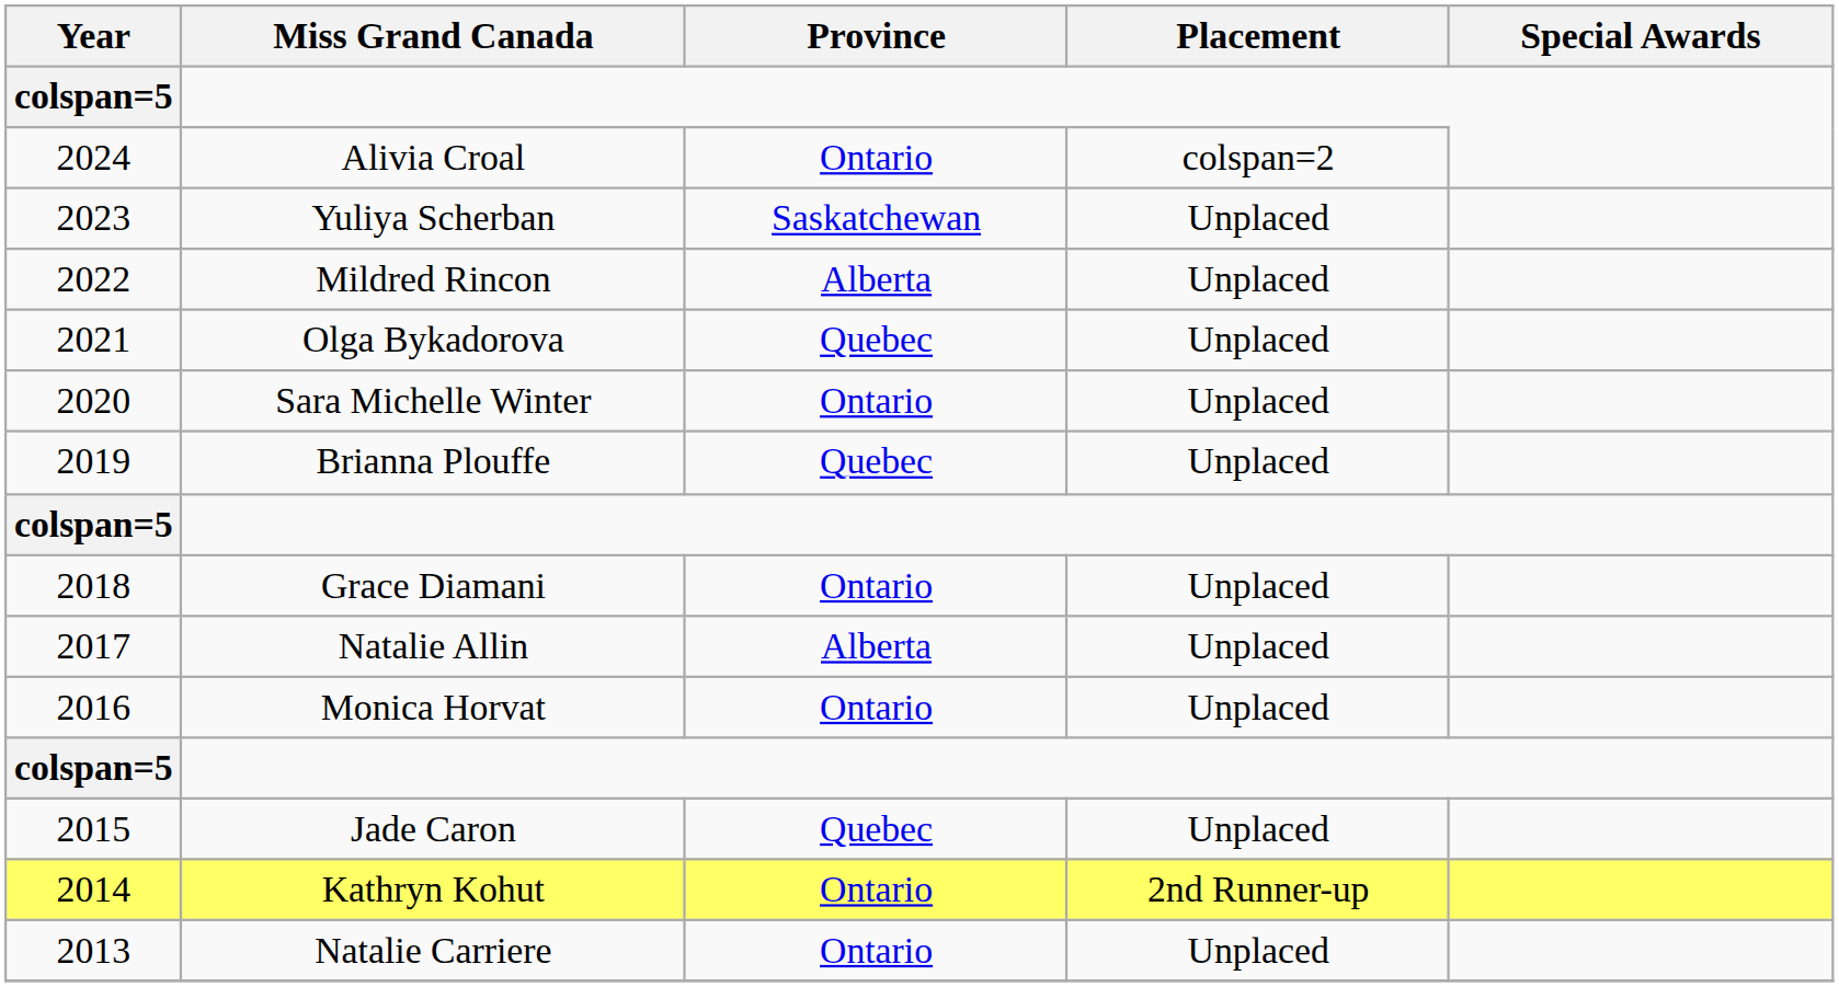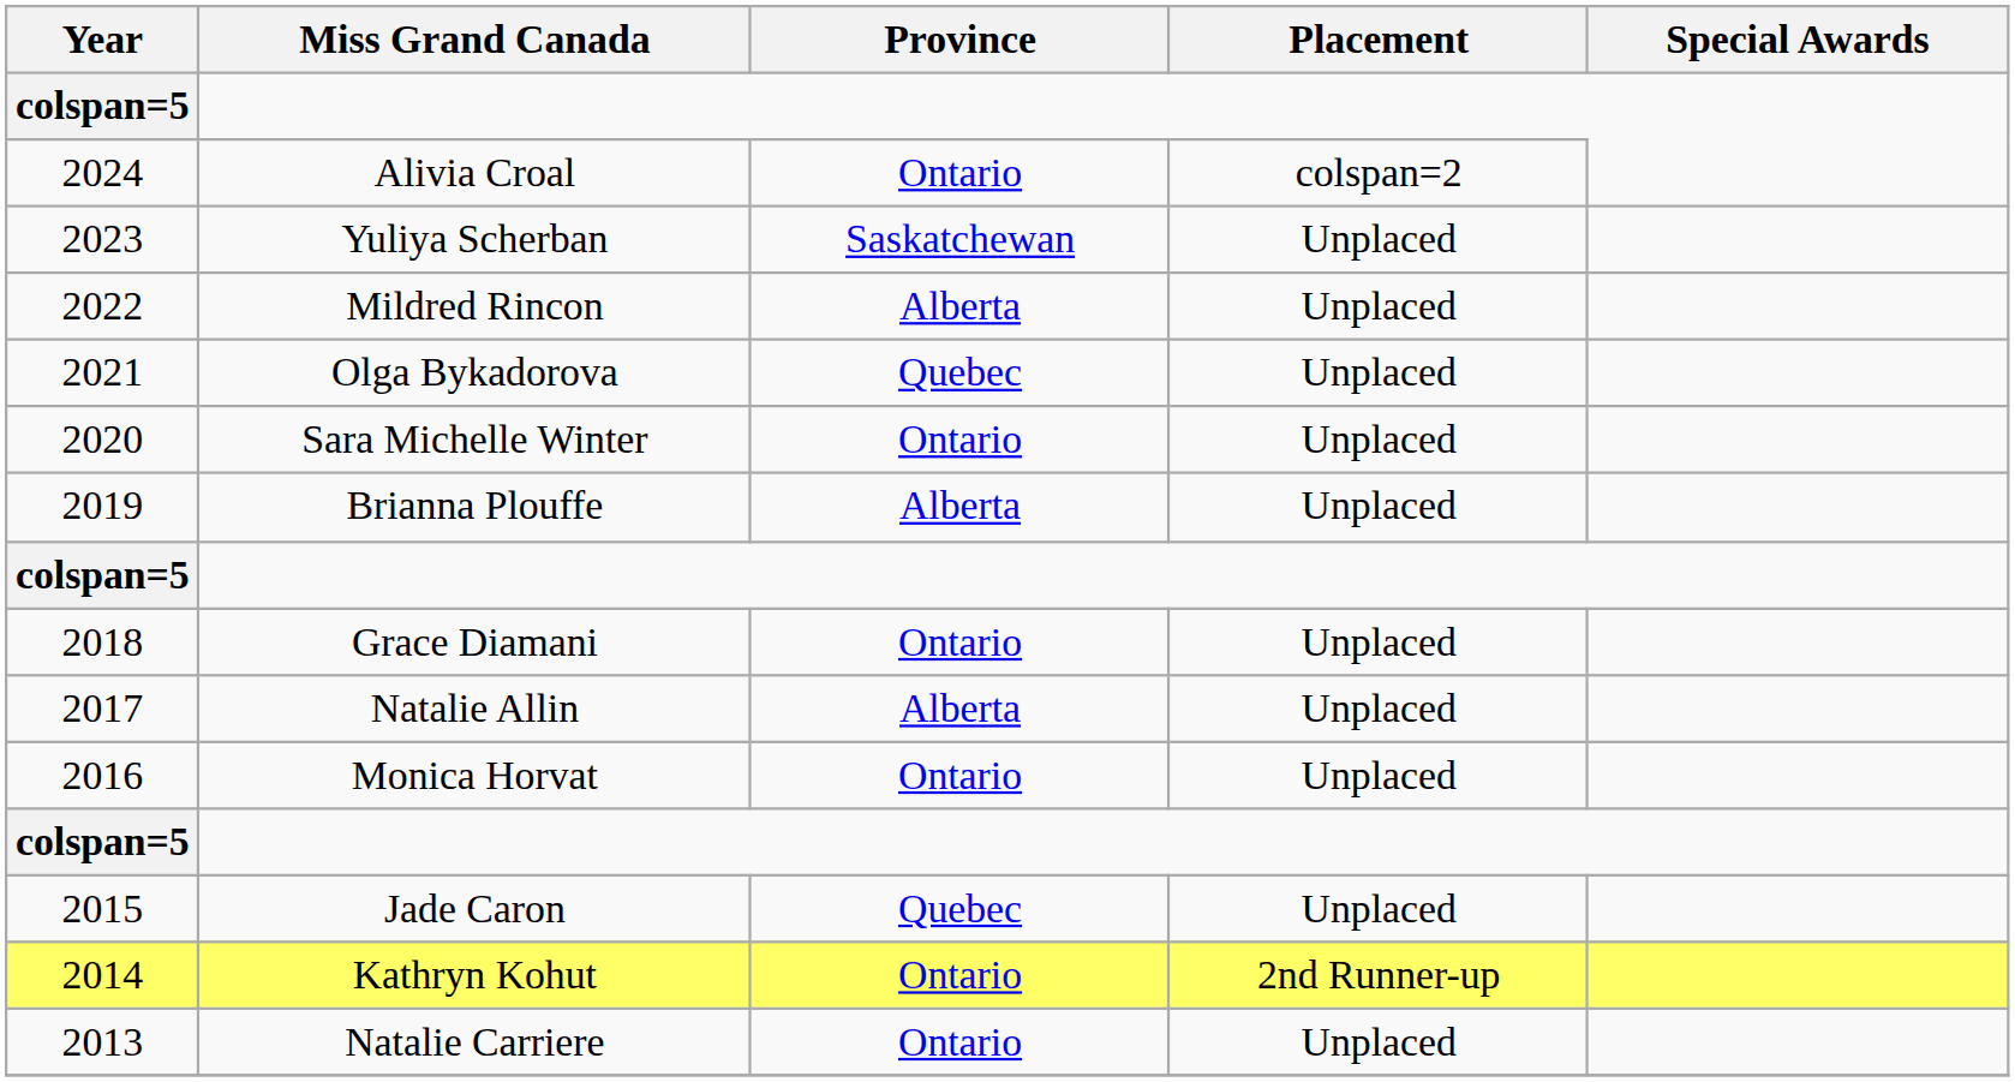 <table class="wikitable sortable" style="font-size: 95%; text-align:center">
 <tr>
 <th width="60">Year</th>
 <th width="200">Miss Grand Canada</th>
 <th width="150">Province</th>
 <th width="150">Placement</th>
 <th width="150">Special Awards</th>
 </tr>
 <tr>
 <th>colspan=5 </th>
 </tr>
 <tr>
 <td>2024</td>
 <td>Alivia Croal</td>
 <td><a href='#'>Ontario</a></td>
 <td>colspan=2 </td>
 </tr>
 <tr>
 <td>2023</td>
 <td>Yuliya Scherban</td>
 <td><a href='#'>Saskatchewan</a></td>
 <td>Unplaced</td>
 <td></td>
 </tr>
 <tr>
 <td>2022</td>
 <td>Mildred Rincon</td>
 <td><a href='#'>Alberta</a></td>
 <td>Unplaced</td>
 <td></td>
 </tr>
 <tr>
 <td>2021</td>
 <td>Olga Bykadorova</td>
 <td><a href='#'>Quebec</a></td>
 <td>Unplaced</td>
 <td></td>
 </tr>
 <tr>
 <td>2020</td>
 <td>Sara Michelle Winter</td>
 <td><a href='#'>Ontario</a></td>
 <td>Unplaced</td>
 <td></td>
 </tr>
 <tr>
 <td>2019</td>
 <td>Brianna Plouffe</td>
-<td><a href='#'>Quebec</a></td>
+<td><a href='#'>Alberta</a></td>
 <td>Unplaced</td>
 <td></td>
 </tr>
 <tr>
 <th>colspan=5 </th>
 </tr>
 <tr>
 <td>2018</td>
 <td>Grace Diamani</td>
 <td><a href='#'>Ontario</a></td>
 <td>Unplaced</td>
 <td></td>
 </tr>
 <tr>
 <td>2017</td>
 <td>Natalie Allin</td>
 <td><a href='#'>Alberta</a></td>
 <td>Unplaced</td>
 <td></td>
 </tr>
 <tr>
 <td>2016</td>
 <td>Monica Horvat</td>
 <td><a href='#'>Ontario</a></td>
 <td>Unplaced</td>
 <td></td>
 </tr>
 <tr>
 <th>colspan=5 </th>
 </tr>
 <tr>
 <td>2015</td>
 <td>Jade Caron</td>
 <td><a href='#'>Quebec</a></td>
 <td>Unplaced</td>
 <td></td>
 </tr>
 <tr style="background-color:#FFFF66;">
 <td>2014</td>
 <td>Kathryn Kohut</td>
 <td><a href='#'>Ontario</a></td>
 <td>2nd Runner-up</td>
 <td></td>
 </tr>
 <tr>
 <td>2013</td>
 <td>Natalie Carriere</td>
 <td><a href='#'>Ontario</a></td>
 <td>Unplaced</td>
 <td></td>
 </tr>
 <tr>
 </tr>
 </table>
